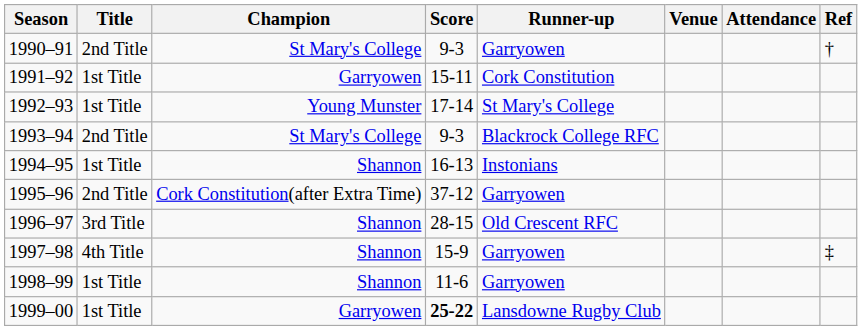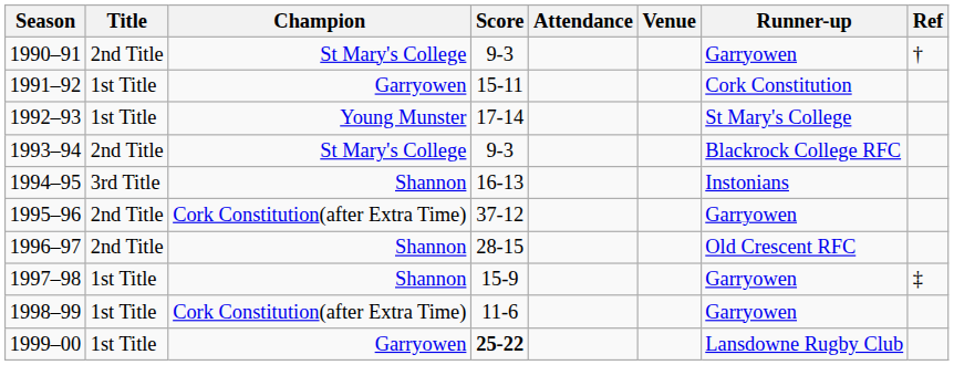 <table class="wikitable">
 <tr>
 <th>Season</th>
 <th>Title</th>
 <th> Champion</th>
 <th>Score</th>
+<th>Attendance</th>
+<th>Venue</th>
 <th> Runner-up</th>
-<th>Venue</th>
-<th>Attendance</th>
 <th>Ref</th>
 </tr>
 <tr>
 <td>1990–91</td>
 <td>2nd Title</td>
 <td style="text-align:right;"><a href='#'>St Mary's College</a></td>
 <td style="text-align:center;">9-3</td>
-<td style="text-align:left;"><a href='#'>Garryowen</a></td>
 <td></td>
 <td></td>
+<td style="text-align:left;"><a href='#'>Garryowen</a></td>
 <td>†</td>
 </tr>
 <tr>
 <td>1991–92</td>
 <td>1st Title</td>
 <td style="text-align:right;"><a href='#'>Garryowen</a></td>
 <td style="text-align:center;">15-11</td>
-<td style="text-align:left;"><a href='#'>Cork Constitution</a></td>
 <td></td>
 <td></td>
+<td style="text-align:left;"><a href='#'>Cork Constitution</a></td>
 <td></td>
 </tr>
 <tr>
 <td>1992–93</td>
 <td>1st Title</td>
 <td style="text-align:right;"><a href='#'>Young Munster</a></td>
 <td style="text-align:center;">17-14</td>
-<td style="text-align:left;"><a href='#'>St Mary's College</a></td>
 <td></td>
 <td></td>
+<td style="text-align:left;"><a href='#'>St Mary's College</a></td>
 <td></td>
 </tr>
 <tr>
 <td>1993–94</td>
 <td>2nd Title</td>
 <td style="text-align:right;"><a href='#'>St Mary's College</a></td>
 <td style="text-align:center;">9-3</td>
-<td style="text-align:left;"><a href='#'>Blackrock College RFC</a></td>
 <td></td>
 <td></td>
+<td style="text-align:left;"><a href='#'>Blackrock College RFC</a></td>
 <td></td>
 </tr>
 <tr>
 <td>1994–95</td>
-<td>1st Title</td>
+<td>3rd Title</td>
 <td style="text-align:right;"><a href='#'>Shannon</a></td>
 <td style="text-align:center;">16-13</td>
-<td style="text-align:left;"><a href='#'>Instonians</a></td>
 <td></td>
 <td></td>
+<td style="text-align:left;"><a href='#'>Instonians</a></td>
 <td></td>
 </tr>
 <tr>
 <td>1995–96</td>
 <td>2nd Title</td>
 <td style="text-align:right;"><a href='#'>Cork Constitution</a>(after Extra Time)</td>
 <td style="text-align:center;">37-12</td>
-<td style="text-align:left;"><a href='#'>Garryowen</a></td>
 <td></td>
 <td></td>
+<td style="text-align:left;"><a href='#'>Garryowen</a></td>
 <td></td>
 </tr>
 <tr>
 <td>1996–97</td>
-<td>3rd Title</td>
+<td>2nd Title</td>
 <td style="text-align:right;"><a href='#'>Shannon</a></td>
 <td style="text-align:center;">28-15</td>
-<td style="text-align:left;"><a href='#'>Old Crescent RFC</a></td>
 <td></td>
 <td></td>
+<td style="text-align:left;"><a href='#'>Old Crescent RFC</a></td>
 <td></td>
 </tr>
 <tr>
 <td>1997–98</td>
-<td>4th Title</td>
+<td>1st Title</td>
 <td style="text-align:right;"><a href='#'>Shannon</a></td>
 <td style="text-align:center;">15-9</td>
-<td style="text-align:left;"><a href='#'>Garryowen</a></td>
 <td></td>
 <td></td>
+<td style="text-align:left;"><a href='#'>Garryowen</a></td>
 <td> ‡</td>
 </tr>
 <tr>
 <td>1998–99</td>
 <td>1st Title</td>
-<td style="text-align:right;"><a href='#'>Shannon</a></td>
+<td style="text-align:right;"><a href='#'>Cork Constitution</a>(after Extra Time)</td>
 <td style="text-align:center;">11-6</td>
-<td style="text-align:left;"><a href='#'>Garryowen</a></td>
 <td></td>
 <td></td>
+<td style="text-align:left;"><a href='#'>Garryowen</a></td>
 <td></td>
 </tr>
 <tr>
 <td>1999–00</td>
 <td>1st Title</td>
 <td style="text-align:right;"><a href='#'>Garryowen</a></td>
 <td style="text-align:center;"><strong>25-22</strong></td>
-<td style="text-align:left;"><a href='#'>Lansdowne Rugby Club</a></td>
 <td></td>
 <td></td>
+<td style="text-align:left;"><a href='#'>Lansdowne Rugby Club</a></td>
 <td></td>
 </tr>
 </table>
